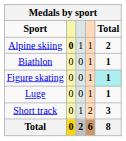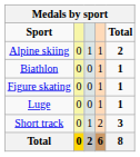 <table class="wikitable" style="font-size:85%">
 <tr style="background:#efefef;">
 <th colspan=5><strong>Medals by sport</strong></th>
 </tr>
 <tr align=center>
 <td><strong>Sport</strong></td>
 <td bgcolor=#f7f6a8></td>
 <td bgcolor=#dce5e5></td>
 <td bgcolor=#ffdab9></td>
 <td><strong>Total</strong></td>
 </tr>
 <tr align=center>
 <td><a href='#'>Alpine skiing</a></td>
-<td style="background:#F7F6A8;"><strong>0</strong></td>
+<td style="background:#F7F6A8;">0</td>
 <td style="background:#DCE5E5;">1</td>
 <td style="background:#FFDAB9;">1</td>
 <td><strong>2</strong></td>
 </tr>
 <tr align=center>
 <td><a href='#'>Biathlon</a></td>
 <td style="background:#F7F6A8;">0</td>
 <td style="background:#DCE5E5;">0</td>
 <td style="background:#FFDAB9;">1</td>
 <td><strong>1</strong></td>
 </tr>
 <tr align=center>
 <td><a href='#'>Figure skating</a></td>
 <td style="background:#F7F6A8;">0</td>
 <td style="background:#DCE5E5;">0</td>
 <td style="background:#FFDAB9;">1</td>
-<td style="background: paleturquoise;"><strong>1</strong></td>
+<td><strong>1</strong></td>
 </tr>
 <tr align=center>
 <td><a href='#'>Luge</a></td>
 <td style="background:#F7F6A8;">0</td>
 <td style="background:#DCE5E5;">0</td>
 <td style="background:#FFDAB9;">1</td>
 <td><strong>1</strong></td>
 </tr>
 <tr align=center>
 <td><a href='#'>Short track</a></td>
 <td style="background:#F7F6A8;">0</td>
 <td style="background:#DCE5E5;">1</td>
 <td style="background:#FFDAB9;">2</td>
 <td><strong>3</strong></td>
 </tr>
 <tr align=center>
 <th><strong>Total</strong></th>
 <th style="background:gold;"><strong>0</strong></th>
 <th style="background:silver;"><strong>2</strong></th>
 <th style="background:#c96;"><strong>6</strong></th>
 <th><strong>8</strong></th>
 </tr>
 </table>
